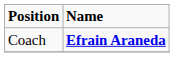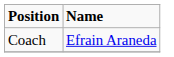 <table class="wikitable">
 <tr>
 <td><strong>Position</strong></td>
 <td><strong>Name</strong></td>
 </tr>
 <tr>
 <td>Coach</td>
-<td><strong> <a href='#'>Efrain Araneda</a></strong></td>
+<td> <a href='#'>Efrain Araneda</a></td>
 </tr>
 <tr>
 </tr>
 </table>
